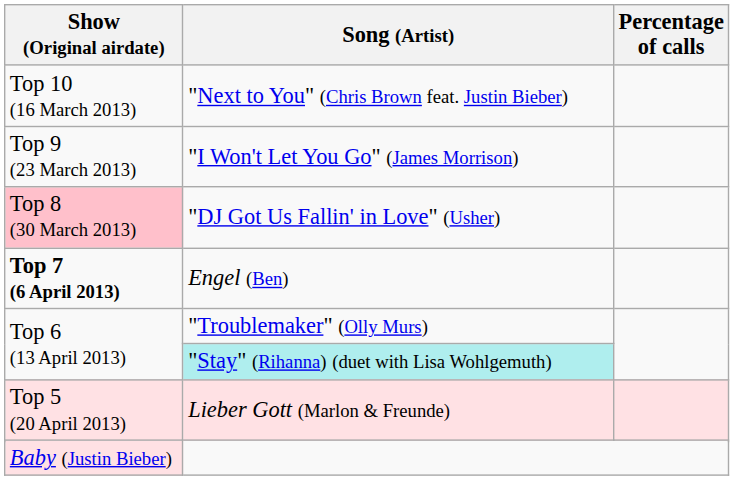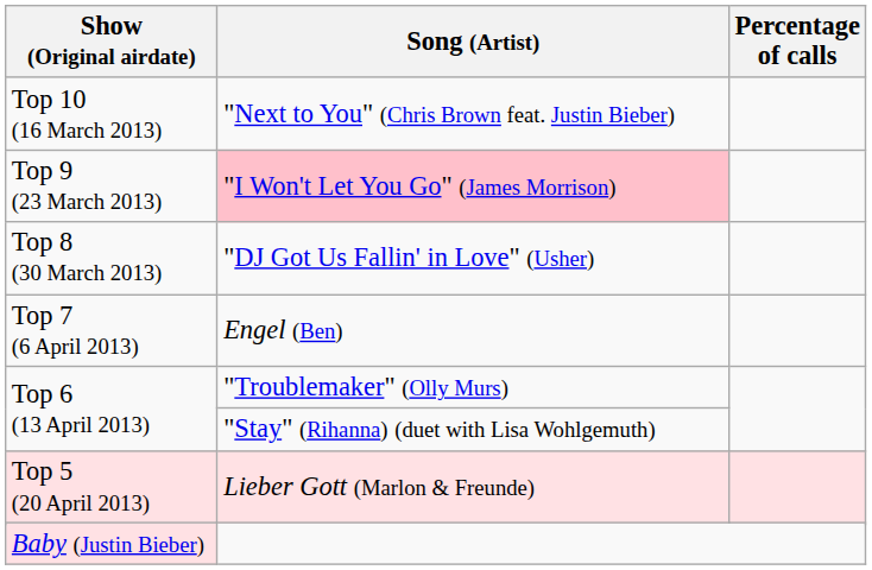 <table class="wikitable">
 <tr>
 <th style="width:120px;">Show<br><small>(Original airdate)</small></th>
 <th style="width:300px;">Song <small>(Artist)</small></th>
 <th style="width:28px;">Percentage of calls</th>
 </tr>
 <tr>
 <td align="left">Top 10<br><small>(16 March 2013)</small></td>
 <td align="left">"<a href='#'>Next to You</a>" <small>(<a href='#'>Chris Brown</a> feat. <a href='#'>Justin Bieber</a>)</small></td>
 <td style="text-align:center;"></td>
 </tr>
 <tr>
 <td align="left">Top 9<br><small>(23 March 2013)</small></td>
-<td align="left">"<a href='#'>I Won't Let You Go</a>" <small>(<a href='#'>James Morrison</a>)</small></td>
+<td align="left" style="background: pink;">"<a href='#'>I Won't Let You Go</a>" <small>(<a href='#'>James Morrison</a>)</small></td>
 <td style="text-align:center;"></td>
 </tr>
 <tr>
-<td align="left" style="background: pink;">Top 8<br><small>(30 March 2013)</small></td>
+<td align="left">Top 8<br><small>(30 March 2013)</small></td>
 <td align="left">"<a href='#'>DJ Got Us Fallin' in Love</a>" <small>(<a href='#'>Usher</a>)</small></td>
 <td style="text-align:center;"></td>
 </tr>
 <tr>
-<td align="left"><strong>Top 7<br><small>(6 April 2013)</small></strong></td>
+<td align="left">Top 7<br><small>(6 April 2013)</small></td>
 <td align="left"><em>Engel</em> <small>(<a href='#'>Ben</a>)</small></td>
 <td style="text-align:center;"></td>
 </tr>
 <tr>
 <td align="left" rowspan=2>Top 6<br><small>(13 April 2013)</small></td>
 <td align="left">"<a href='#'>Troublemaker</a>" <small>(<a href='#'>Olly Murs</a>)</small></td>
 <td style="text-align:center;" rowspan=2></td>
 </tr>
 <tr>
-<td align="left" style="background: paleturquoise;">"<a href='#'>Stay</a>" <small>(<a href='#'>Rihanna</a>)</small> <small>(duet with Lisa Wohlgemuth)</small></td>
+<td align="left">"<a href='#'>Stay</a>" <small>(<a href='#'>Rihanna</a>)</small> <small>(duet with Lisa Wohlgemuth)</small></td>
 </tr>
 <tr bgcolor="#FFE1E4">
 <td align="left" rowspan=2>Top 5<br><small>(20 April 2013)</small></td>
 <td align="left"><em>Lieber Gott</em> <small>(Marlon & Freunde)</small></td>
 <td rowspan=2></td>
 </tr>
 <tr>
 </tr>
 <tr bgcolor="#FFE1E4">
 <td align="left"><em><a href='#'>Baby</a></em> <small>(<a href='#'>Justin Bieber</a>)</small></td>
 </tr>
 </table>
